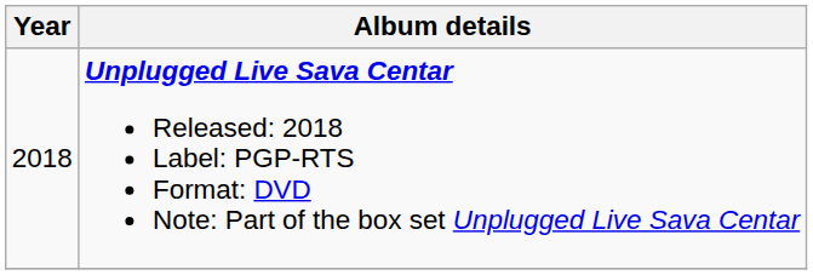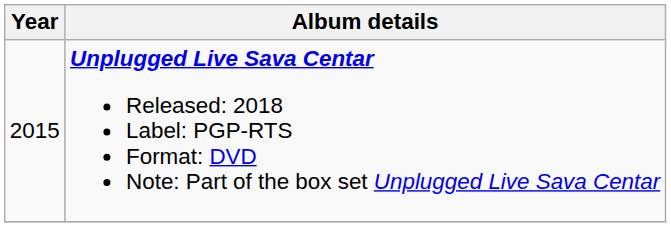 <table class ="wikitable">
 <tr>
 <th>Year</th>
 <th>Album details</th>
 </tr>
 <tr>
-<td align="center" rowspan="1">2018</td>
+<td align="center" rowspan="1">2015</td>
 <td><strong><em><a href='#'>Unplugged Live Sava Centar</a></em></strong><br><ul><li>Released: 2018</li><li>Label: PGP-RTS</li><li>Format: <a href='#'>DVD</a></li><li>Note: Part of the box set <em><a href='#'>Unplugged Live Sava Centar</a></em></li></ul></td>
 </tr>
 <tr>
 </tr>
 </table>
